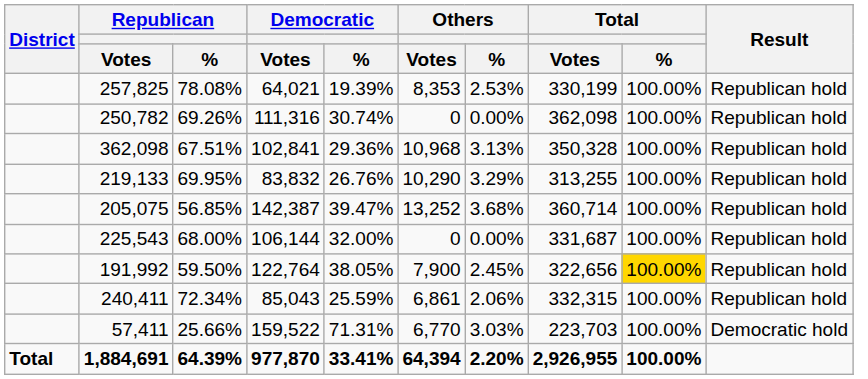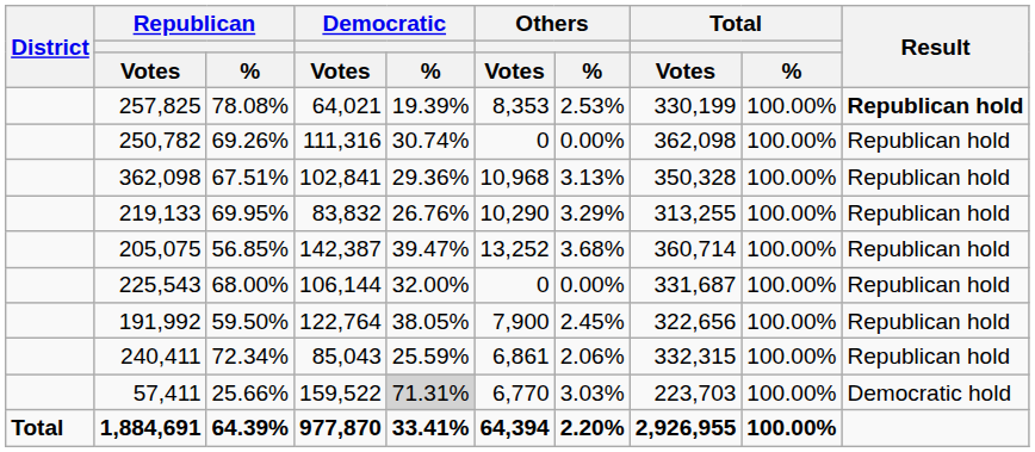 <table class="wikitable plainrowheaders sortable" style="font-size:85%; text-align:right;">
 <tr>
 <th scope=col rowspan=3><a href='#'>District</a></th>
 <th scope=col colspan=2><a href='#'>Republican</a></th>
 <th scope=col colspan=2><a href='#'>Democratic</a></th>
 <th scope=col colspan=2>Others</th>
 <th scope=col colspan=2>Total</th>
 <th scope=col rowspan=3>Result</th>
 </tr>
 <tr>
 <th scope=col colspan=2 style="background:"></th>
 <th scope=col colspan=2 style="background:"></th>
 <th scope=col colspan=2></th>
 <th scope=col colspan=2></th>
 </tr>
 <tr>
 <th scope=col data-sort-type="number">Votes</th>
 <th scope=col data-sort-type="number">%</th>
 <th scope=col data-sort-type="number">Votes</th>
 <th scope=col data-sort-type="number">%</th>
 <th scope=col data-sort-type="number">Votes</th>
 <th scope=col data-sort-type="number">%</th>
 <th scope=col data-sort-type="number">Votes</th>
 <th scope=col data-sort-type="number">%</th>
 </tr>
 <tr>
 <td align=left></td>
 <td>257,825</td>
 <td>78.08%</td>
 <td>64,021</td>
 <td>19.39%</td>
 <td>8,353</td>
 <td>2.53%</td>
 <td>330,199</td>
 <td>100.00%</td>
-<td align=left>Republican hold</td>
+<td align=left><strong>Republican hold</strong></td>
 </tr>
 <tr>
 <td align=left></td>
 <td>250,782</td>
 <td>69.26%</td>
 <td>111,316</td>
 <td>30.74%</td>
 <td>0</td>
 <td>0.00%</td>
 <td>362,098</td>
 <td>100.00%</td>
 <td align=left>Republican hold</td>
 </tr>
 <tr>
 <td align=left></td>
 <td>362,098</td>
 <td>67.51%</td>
 <td>102,841</td>
 <td>29.36%</td>
 <td>10,968</td>
 <td>3.13%</td>
 <td>350,328</td>
 <td>100.00%</td>
 <td align=left>Republican hold</td>
 </tr>
 <tr>
 <td align=left></td>
 <td>219,133</td>
 <td>69.95%</td>
 <td>83,832</td>
 <td>26.76%</td>
 <td>10,290</td>
 <td>3.29%</td>
 <td>313,255</td>
 <td>100.00%</td>
 <td align=left>Republican hold</td>
 </tr>
 <tr>
 <td align=left></td>
 <td>205,075</td>
 <td>56.85%</td>
 <td>142,387</td>
 <td>39.47%</td>
 <td>13,252</td>
 <td>3.68%</td>
 <td>360,714</td>
 <td>100.00%</td>
 <td align=left>Republican hold</td>
 </tr>
 <tr>
 <td align=left></td>
 <td>225,543</td>
 <td>68.00%</td>
 <td>106,144</td>
 <td>32.00%</td>
 <td>0</td>
 <td>0.00%</td>
 <td>331,687</td>
 <td>100.00%</td>
 <td align=left>Republican hold</td>
 </tr>
 <tr>
 <td align=left></td>
 <td>191,992</td>
 <td>59.50%</td>
 <td>122,764</td>
 <td>38.05%</td>
 <td>7,900</td>
 <td>2.45%</td>
 <td>322,656</td>
-<td style="background: gold;">100.00%</td>
+<td>100.00%</td>
 <td align=left>Republican hold</td>
 </tr>
 <tr>
 <td align=left></td>
 <td>240,411</td>
 <td>72.34%</td>
 <td>85,043</td>
 <td>25.59%</td>
 <td>6,861</td>
 <td>2.06%</td>
 <td>332,315</td>
 <td>100.00%</td>
 <td align=left>Republican hold</td>
 </tr>
 <tr>
 <td align=left></td>
 <td>57,411</td>
 <td>25.66%</td>
 <td>159,522</td>
-<td>71.31%</td>
+<td style="background: lightgrey;">71.31%</td>
 <td>6,770</td>
 <td>3.03%</td>
 <td>223,703</td>
 <td>100.00%</td>
 <td align=left>Democratic hold</td>
 </tr>
 <tr class="sortbottom" style="font-weight:bold">
 <td align=left>Total</td>
 <td>1,884,691</td>
 <td>64.39%</td>
 <td>977,870</td>
 <td>33.41%</td>
 <td>64,394</td>
 <td>2.20%</td>
 <td><strong>2,926,955</strong></td>
 <td>100.00%</td>
 <td></td>
 </tr>
 </table>
